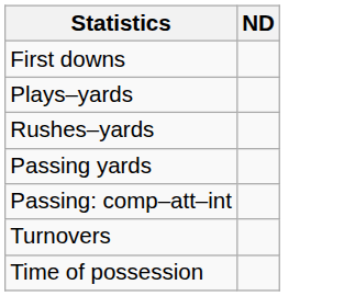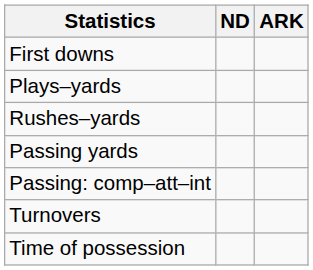 <table class="wikitable" style="float:left">
 <tr>
 <th>Statistics</th>
 <th>ND</th>
+<th>ARK</th>
 </tr>
 <tr>
 <td>First downs</td>
+<td></td>
 <td></td>
 </tr>
 <tr>
 <td>Plays–yards</td>
 <td></td>
+<td></td>
 </tr>
 <tr>
 <td>Rushes–yards</td>
+<td></td>
 <td></td>
 </tr>
 <tr>
 <td>Passing yards</td>
 <td></td>
+<td></td>
 </tr>
 <tr>
 <td>Passing: comp–att–int</td>
+<td></td>
 <td></td>
 </tr>
 <tr>
 <td>Turnovers</td>
 <td></td>
+<td></td>
 </tr>
 <tr>
 <td>Time of possession</td>
 <td></td>
+<td></td>
 </tr>
 </table>
